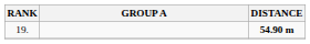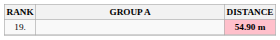 <table class="wikitable" style="border-collapse: collapse; font-size: 90%;">
 <tr>
 <th>RANK</th>
 <th style="width: 20em">GROUP A</th>
 <th style="width: 5em">DISTANCE</th>
 </tr>
 <tr>
 <td align="center">19.</td>
 <td></td>
-<td align="center"><strong>54.90 m</strong></td>
+<td align="center" style="background: pink;"><strong>54.90 m</strong></td>
 </tr>
 <tr>
 </tr>
 </table>
